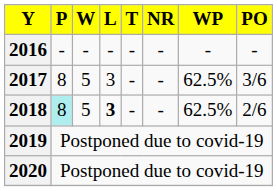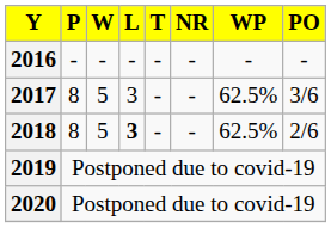 <table class="wikitable"style="text-align: center;">
 <tr>
 <th style="background:yellow; color:black;">Y</th>
 <th style="background:yellow; color:black;">P</th>
 <th style="background:yellow; color:black;">W</th>
 <th style="background:yellow; color:black;">L</th>
 <th style="background:yellow; color:black;">T</th>
 <th style="background:yellow; color:black;">NR</th>
 <th style="background:yellow; color:black;">WP</th>
 <th style="background:yellow; color:black;">PO</th>
 </tr>
 <tr>
 <th>2016</th>
 <td>-</td>
 <td>-</td>
 <td>-</td>
 <td>-</td>
 <td>-</td>
 <td>-</td>
 <td>-</td>
 </tr>
 <tr>
 <th>2017</th>
 <td>8</td>
 <td>5</td>
 <td>3</td>
 <td>-</td>
 <td>-</td>
 <td>62.5%</td>
 <td>3/6</td>
 </tr>
 <tr>
 <th>2018</th>
-<td style="background: paleturquoise;">8</td>
+<td>8</td>
 <td>5</td>
 <td><strong>3</strong></td>
 <td>-</td>
 <td>-</td>
 <td>62.5%</td>
 <td>2/6</td>
 </tr>
 <tr>
 <th>2019</th>
 <td colspan="8">Postponed due to covid-19</td>
 </tr>
 <tr>
 <th>2020</th>
 <td colspan="8">Postponed due to covid-19</td>
 </tr>
 <tr>
 </tr>
 </table>
